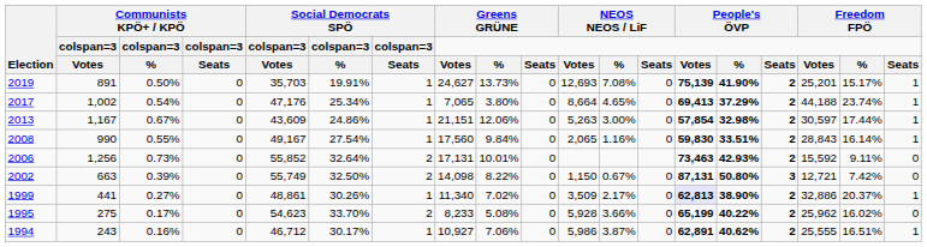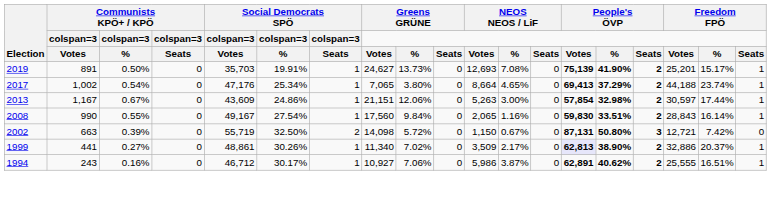 <table class="wikitable" border="1" style="font-size:100%; text-align:right;">
 <tr>
 <th style="text-align:left;" valign=bottom rowspan=3>Election</th>
 <th valign=bottom colspan=3><a href='#'>Communists</a><br>KPÖ+ / KPÖ</th>
 <th valign=bottom colspan=3><a href='#'>Social Democrats</a><br>SPÖ</th>
 <th valign=bottom colspan=3><a href='#'>Greens</a><br>GRÜNE</th>
 <th valign=bottom colspan=3><a href='#'>NEOS</a><br>NEOS / LiF</th>
 <th valign=bottom colspan=3><a href='#'>People's</a><br>ÖVP</th>
 <th valign=bottom colspan=3><a href='#'>Freedom</a><br>FPÖ</th>
 </tr>
 <tr>
 <th>colspan=3 </th>
 <th>colspan=3 </th>
 <th>colspan=3 </th>
 <th>colspan=3 </th>
 <th>colspan=3 </th>
 <th>colspan=3 </th>
 </tr>
 <tr>
 <th>Votes</th>
 <th>%</th>
 <th>Seats</th>
 <th>Votes</th>
 <th>%</th>
 <th>Seats</th>
 <th>Votes</th>
 <th>%</th>
 <th>Seats</th>
 <th>Votes</th>
 <th>%</th>
 <th>Seats</th>
 <th>Votes</th>
 <th>%</th>
 <th>Seats</th>
 <th>Votes</th>
 <th>%</th>
 <th>Seats</th>
 </tr>
 <tr>
 <td align=left><a href='#'>2019</a></td>
 <td>891</td>
 <td>0.50%</td>
 <td>0</td>
 <td>35,703</td>
 <td>19.91%</td>
 <td>1</td>
 <td>24,627</td>
 <td>13.73%</td>
 <td>0</td>
 <td>12,693</td>
 <td>7.08%</td>
 <td>0</td>
 <td><strong>75,139</strong></td>
 <td><strong>41.90%</strong></td>
 <td><strong>2</strong></td>
 <td>25,201</td>
 <td>15.17%</td>
 <td>1</td>
 </tr>
 <tr>
 <td align=left><a href='#'>2017</a></td>
 <td>1,002</td>
 <td>0.54%</td>
 <td>0</td>
 <td>47,176</td>
 <td>25.34%</td>
 <td>1</td>
 <td>7,065</td>
 <td>3.80%</td>
 <td>0</td>
 <td>8,664</td>
 <td>4.65%</td>
 <td>0</td>
 <td><strong>69,413</strong></td>
 <td><strong>37.29%</strong></td>
 <td><strong>2</strong></td>
 <td>44,188</td>
 <td>23.74%</td>
 <td>1</td>
 </tr>
 <tr>
 <td align=left><a href='#'>2013</a></td>
 <td>1,167</td>
 <td>0.67%</td>
 <td>0</td>
 <td>43,609</td>
 <td>24.86%</td>
 <td>1</td>
 <td>21,151</td>
 <td>12.06%</td>
 <td>0</td>
 <td>5,263</td>
 <td>3.00%</td>
 <td>0</td>
 <td><strong>57,854</strong></td>
 <td><strong>32.98%</strong></td>
 <td><strong>2</strong></td>
 <td>30,597</td>
 <td>17.44%</td>
 <td>1</td>
 </tr>
 <tr>
 <td align=left><a href='#'>2008</a></td>
 <td>990</td>
 <td>0.55%</td>
 <td>0</td>
 <td>49,167</td>
 <td>27.54%</td>
 <td>1</td>
 <td>17,560</td>
 <td>9.84%</td>
 <td>0</td>
 <td>2,065</td>
 <td>1.16%</td>
 <td>0</td>
 <td><strong>59,830</strong></td>
 <td><strong>33.51%</strong></td>
 <td><strong>2</strong></td>
 <td>28,843</td>
 <td>16.14%</td>
 <td>1</td>
 </tr>
 <tr>
-<td align=left><a href='#'>2006</a></td>
-<td>1,256</td>
-<td>0.73%</td>
-<td>0</td>
-<td>55,852</td>
-<td>32.64%</td>
-<td>2</td>
-<td>17,131</td>
-<td>10.01%</td>
-<td>0</td>
-<td></td>
-<td></td>
-<td></td>
-<td><strong>73,463</strong></td>
-<td><strong>42.93%</strong></td>
-<td><strong>2</strong></td>
-<td>15,592</td>
-<td>9.11%</td>
-<td>0</td>
-</tr>
-<tr>
 <td align=left><a href='#'>2002</a></td>
 <td>663</td>
 <td>0.39%</td>
 <td>0</td>
-<td>55,749</td>
+<td>55,719</td>
 <td>32.50%</td>
 <td>2</td>
 <td>14,098</td>
-<td>8.22%</td>
+<td>5.72%</td>
 <td>0</td>
 <td>1,150</td>
 <td>0.67%</td>
 <td>0</td>
 <td><strong>87,131</strong></td>
 <td><strong>50.80%</strong></td>
 <td><strong>3</strong></td>
 <td>12,721</td>
 <td>7.42%</td>
 <td>0</td>
 </tr>
 <tr>
 <td align=left><a href='#'>1999</a></td>
 <td>441</td>
 <td>0.27%</td>
 <td>0</td>
 <td>48,861</td>
 <td>30.26%</td>
 <td>1</td>
 <td>11,340</td>
 <td>7.02%</td>
 <td>0</td>
 <td>3,509</td>
 <td>2.17%</td>
 <td>0</td>
 <td style="background: lavender;"><strong>62,813</strong></td>
 <td><strong>38.90%</strong></td>
 <td><strong>2</strong></td>
 <td>32,886</td>
 <td>20.37%</td>
 <td>1</td>
 </tr>
 <tr>
-<td align=left><a href='#'>1995</a></td>
-<td>275</td>
-<td>0.17%</td>
-<td>0</td>
-<td>54,623</td>
-<td>33.70%</td>
-<td>2</td>
-<td>8,233</td>
-<td>5.08%</td>
-<td>0</td>
-<td>5,928</td>
-<td>3.66%</td>
-<td>0</td>
-<td><strong>65,199</strong></td>
-<td><strong>40.22%</strong></td>
-<td><strong>2</strong></td>
-<td>25,962</td>
-<td>16.02%</td>
-<td>0</td>
-</tr>
-<tr>
 <td align=left><a href='#'>1994</a></td>
 <td>243</td>
 <td>0.16%</td>
 <td>0</td>
 <td>46,712</td>
 <td>30.17%</td>
 <td>1</td>
 <td>10,927</td>
 <td>7.06%</td>
 <td>0</td>
 <td>5,986</td>
 <td>3.87%</td>
 <td>0</td>
 <td><strong>62,891</strong></td>
 <td><strong>40.62%</strong></td>
 <td><strong>2</strong></td>
 <td>25,555</td>
 <td>16.51%</td>
 <td>1</td>
 </tr>
 </table>
